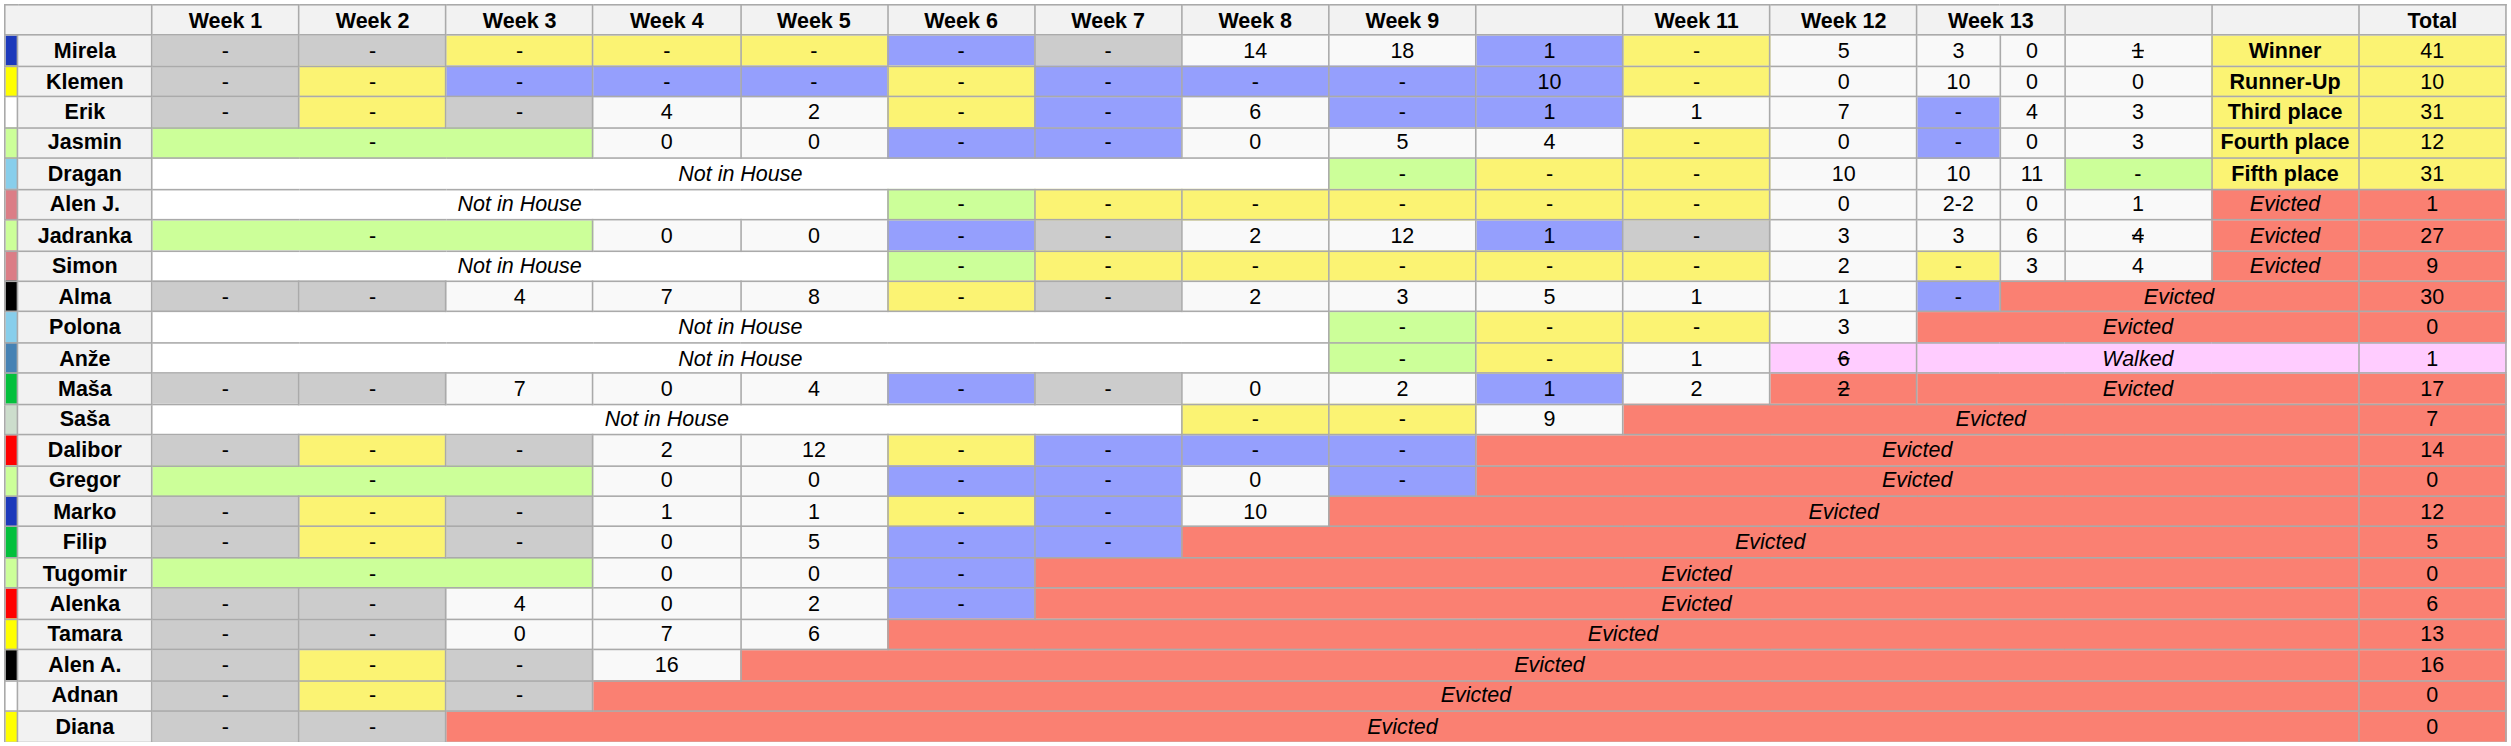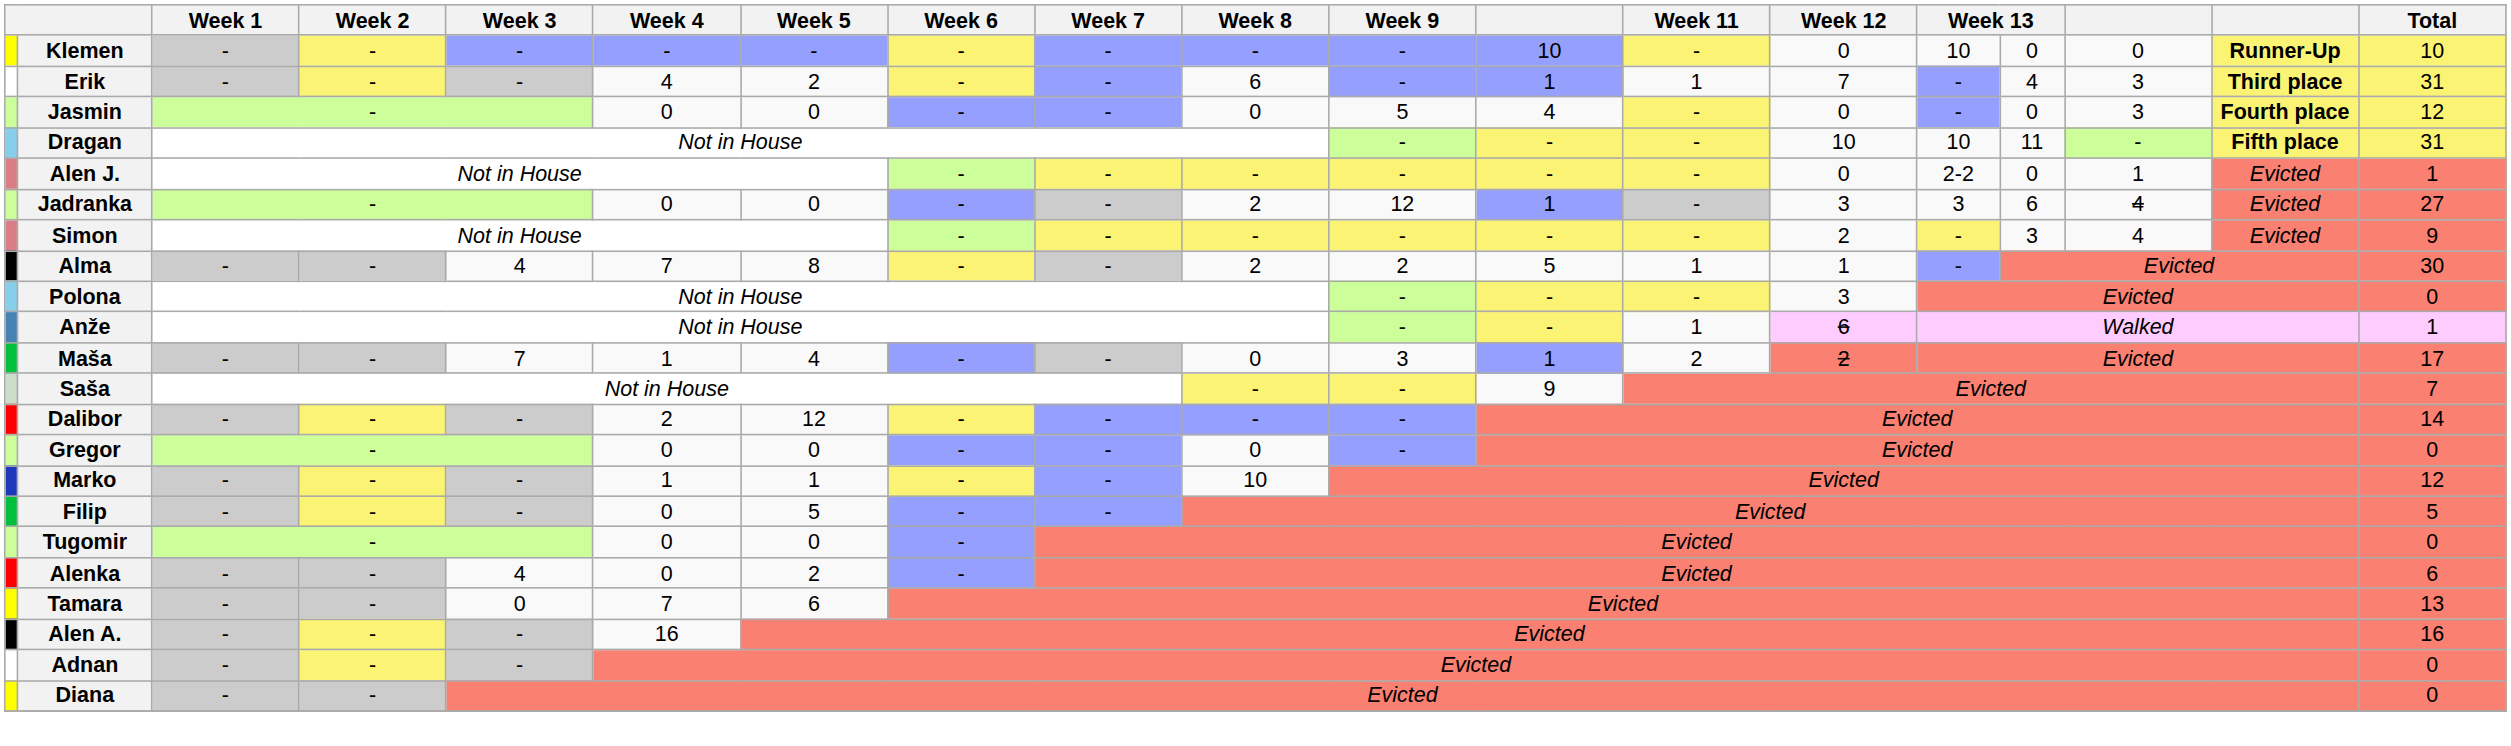 <table class="wikitable" style="text-align:center; font-size:85%; line-height:13px; width:100%">
 <tr>
 <th style="width: 5%;" colspan="2"></th>
 <th style="width: 5%;">Week 1</th>
 <th style="width: 5%;">Week 2</th>
 <th style="width: 5%;">Week 3</th>
 <th style="width: 5%;">Week 4</th>
 <th style="width: 5%;">Week 5</th>
 <th style="width: 5%;">Week 6</th>
 <th style="width: 5%;">Week 7</th>
 <th style="width: 5%;">Week 8</th>
 <th style="width: 5%;">Week 9</th>
 <th style="width: 5%;"></th>
 <th style="width: 5%;">Week 11</th>
 <th style="width: 5%;">Week 12</th>
 <th colspan="2" style="width: 5%;">Week 13</th>
 <th style="width: 5%;"></th>
 <th style="width: 5%;"></th>
 <th style="width: 5%;">Total</th>
-</tr>
-<tr>
-<td style="background:#1C39BB"></td>
-<th>Mirela</th>
-<td style="background:#CCC;">-</td>
-<td style="background:#CCC;">-</td>
-<td style="background:#FBF373;">-</td>
-<td style="background:#FBF373;">-</td>
-<td style="background:#FBF373;">-</td>
-<td style="background:#959ffd;">-</td>
-<td style="background:#CCC;">-</td>
-<td>14</td>
-<td>18</td>
-<td style="background:#959ffd;">1</td>
-<td style="background:#FBF373;">-</td>
-<td>5</td>
-<td>3</td>
-<td>0</td>
-<td><s>1</s></td>
-<td style="background:#FBF373"><strong>Winner</strong></td>
-<td style="background:#FBF373">41</td>
 </tr>
 <tr>
 <td style="background:yellow"></td>
 <th>Klemen</th>
 <td style="background:#CCC;">-</td>
 <td style="background:#FBF373;">-</td>
 <td style="background:#959ffd;">-</td>
 <td style="background:#959ffd;">-</td>
 <td style="background:#959ffd;">-</td>
 <td style="background:#FBF373;">-</td>
 <td style="background:#959ffd;">-</td>
 <td style="background:#959ffd;">-</td>
 <td style="background:#959ffd;">-</td>
 <td style="background:#959ffd;">10</td>
 <td style="background:#FBF373;">-</td>
 <td>0</td>
 <td>10</td>
 <td>0</td>
 <td>0</td>
 <td style="background:#FBF373"><strong>Runner-Up</strong></td>
 <td style="background:#FBF373">10</td>
 </tr>
 <tr>
 <td style="background:white"></td>
 <th>Erik</th>
 <td style="background:#CCC;">-</td>
 <td style="background:#FBF373;">-</td>
 <td style="background:#CCC;">-</td>
 <td>4</td>
 <td>2</td>
 <td style="background:#FBF373;">-</td>
 <td style="background:#959ffd;">-</td>
 <td>6</td>
 <td style="background:#959ffd;">-</td>
 <td style="background:#959ffd;">1</td>
 <td>1</td>
 <td>7</td>
 <td style="background:#959ffd;">-</td>
 <td>4</td>
 <td>3</td>
 <td style="background:#FBF373"><strong>Third place</strong></td>
 <td style="background:#FBF373">31</td>
 </tr>
 <tr>
 <td style="background:#cf9;"></td>
 <th>Jasmin</th>
 <td style="background:#cf9;" colspan="3">-</td>
 <td>0</td>
 <td>0</td>
 <td style="background:#959ffd;">-</td>
 <td style="background:#959ffd;">-</td>
 <td>0</td>
 <td>5</td>
 <td>4</td>
 <td style="background:#FBF373;">-</td>
 <td>0</td>
 <td style="background:#959ffd;">-</td>
 <td>0</td>
 <td>3</td>
 <td style="background:#FBF373"><strong>Fourth place</strong></td>
 <td style="background:#FBF373">12</td>
 </tr>
 <tr>
 <td style="background:#87CEEB"></td>
 <th>Dragan</th>
 <td style="background:white;" colspan="8"><em>Not in House </em></td>
 <td style="background:#cf9;">-</td>
 <td style="background:#FBF373;">-</td>
 <td style="background:#FBF373;">-</td>
 <td>10</td>
 <td>10</td>
 <td>11</td>
 <td style="background:#cf9;">-</td>
 <td style="background:#FBF373"><strong>Fifth place</strong></td>
 <td style="background:#FBF373">31</td>
 </tr>
 <tr>
 <td style="background: #db7d86;"></td>
 <th>Alen J.</th>
 <td style="background:white;" colspan="5"><em>Not in House</em></td>
 <td style="background:#cf9;">-</td>
 <td style="background:#FBF373;">-</td>
 <td style="background:#FBF373;">-</td>
 <td style="background:#FBF373;">-</td>
 <td style="background:#FBF373;">-</td>
 <td style="background:#FBF373;">-</td>
 <td>0</td>
 <td>2-2</td>
 <td>0</td>
 <td>1</td>
 <td style="background:salmon;"><em>Evicted</em></td>
 <td style="background:salmon;">1</td>
 </tr>
 <tr>
 <td style="background:#cf9;"></td>
 <th>Jadranka</th>
 <td style="background:#cf9;" colspan="3">-</td>
 <td>0</td>
 <td>0</td>
 <td style="background:#959ffd;">-</td>
 <td style="background:#CCC;">-</td>
 <td>2</td>
 <td>12</td>
 <td style="background:#959ffd;">1</td>
 <td style="background:#CCC;">-</td>
 <td>3</td>
 <td>3</td>
 <td>6</td>
 <td><s>4</s></td>
 <td style="background:salmon;"><em>Evicted</em></td>
 <td style="background:salmon;">27</td>
 </tr>
 <tr>
 <td style="background: #db7d86;"></td>
 <th>Simon</th>
 <td style="background:white;" colspan="5"><em>Not in House</em></td>
 <td style="background:#cf9;">-</td>
 <td style="background:#FBF373;">-</td>
 <td style="background:#FBF373;">-</td>
 <td style="background:#FBF373;">-</td>
 <td style="background:#FBF373;">-</td>
 <td style="background:#FBF373;">-</td>
 <td>2</td>
 <td style="background:#FBF373;">-</td>
 <td>3</td>
 <td>4</td>
 <td style="background:salmon;"><em>Evicted</em></td>
 <td style="background:salmon;">9</td>
 </tr>
 <tr>
 <td style="background:black"></td>
 <th>Alma</th>
 <td style="background:#CCC;">-</td>
 <td style="background:#CCC;">-</td>
 <td>4</td>
 <td>7</td>
 <td>8</td>
 <td style="background:#FBF373;">-</td>
 <td style="background:#CCC;">-</td>
 <td>2</td>
-<td>3</td>
+<td>2</td>
 <td>5</td>
 <td>1</td>
 <td>1</td>
 <td style="background:#959ffd;">-</td>
 <td colspan="3" style="background:salmon;"><em>Evicted</em></td>
 <td style="background:salmon;">30</td>
 </tr>
 <tr>
 <td style="background:#87CEEB"></td>
 <th>Polona</th>
 <td style="background:white;" colspan="8"><em>Not in House </em></td>
 <td style="background:#cf9;">-</td>
 <td style="background:#FBF373;">-</td>
 <td style="background:#FBF373;">-</td>
 <td>3</td>
 <td colspan="4" style="background:salmon;"><em>Evicted</em></td>
 <td style="background:salmon;">0</td>
 </tr>
 <tr>
 <td style="background:#4682B4"></td>
 <th>Anže</th>
 <td style="background:white;" colspan="8"><em>Not in House</em></td>
 <td style="background:#cf9;">-</td>
 <td style="background:#FBF373;">-</td>
 <td>1</td>
 <td style="background:#fcf"><s>6</s></td>
 <td colspan="4" style="background:#fcf"><em>Walked</em></td>
 <td style="background:#fcf">1</td>
 </tr>
 <tr>
 <td style="background:#03C03C"></td>
 <th>Maša</th>
 <td style="background:#CCC;">-</td>
 <td style="background:#CCC;">-</td>
 <td>7</td>
-<td>0</td>
+<td>1</td>
 <td>4</td>
 <td style="background:#959ffd;">-</td>
 <td style="background:#CCC;">-</td>
 <td>0</td>
-<td>2</td>
+<td>3</td>
 <td style="background:#959ffd;">1</td>
 <td>2</td>
 <td style="background:salmon;"><s>2</s></td>
 <td colspan="4" style="background:salmon;"><em>Evicted</em></td>
 <td style="background:salmon;">17</td>
 </tr>
 <tr>
 <td style="background:#CDC"></td>
 <th>Saša</th>
 <td style="background:white;" colspan="7"><em>Not in House</em></td>
 <td style="background:#FBF373;">-</td>
 <td style="background:#FBF373;">-</td>
 <td>9</td>
 <td colspan="6" style="background:salmon;"><em>Evicted</em></td>
 <td style="background:salmon;">7</td>
 </tr>
 <tr>
 <td style="background:red"></td>
 <th>Dalibor</th>
 <td style="background:#CCC;">-</td>
 <td style="background:#FBF373;">-</td>
 <td style="background:#CCC;">-</td>
 <td>2</td>
 <td>12</td>
 <td style="background:#FBF373;">-</td>
 <td style="background:#959ffd;">-</td>
 <td style="background:#959ffd;">-</td>
 <td style="background:#959ffd;">-</td>
 <td colspan="7" style="background:salmon;"><em>Evicted</em></td>
 <td style="background:salmon;">14</td>
 </tr>
 <tr>
 <td style="background:#cf9;"></td>
 <th>Gregor</th>
 <td style="background:#cf9;" colspan="3">-</td>
 <td>0</td>
 <td>0</td>
 <td style="background:#959ffd;">-</td>
 <td style="background:#959ffd;">-</td>
 <td>0</td>
 <td style="background:#959ffd;">-</td>
 <td colspan="7" style="background:salmon;"><em>Evicted</em></td>
 <td style="background:salmon;">0</td>
 </tr>
 <tr>
 <td style="background:#1C39BB"></td>
 <th>Marko</th>
 <td style="background:#CCC;">-</td>
 <td style="background:#FBF373;">-</td>
 <td style="background:#CCC;">-</td>
 <td>1</td>
 <td>1</td>
 <td style="background:#FBF373;">-</td>
 <td style="background:#959ffd;">-</td>
 <td>10</td>
 <td colspan="8" style="background:salmon;"><em>Evicted</em></td>
 <td style="background:salmon;">12</td>
 </tr>
 <tr>
 <td style="background:#03C03C"></td>
 <th>Filip</th>
 <td style="background:#CCC;">-</td>
 <td style="background:#FBF373;">-</td>
 <td style="background:#CCC;">-</td>
 <td>0</td>
 <td>5</td>
 <td style="background:#959ffd;">-</td>
 <td style="background:#959ffd;">-</td>
 <td colspan="9" style="background:salmon;"><em>Evicted</em></td>
 <td style="background:salmon;">5</td>
 </tr>
 <tr>
 <td style="background:#cf9;"></td>
 <th>Tugomir</th>
 <td style="background:#cf9;" colspan="3">-</td>
 <td>0</td>
 <td>0</td>
 <td style="background:#959ffd;">-</td>
 <td colspan="10" style="background:salmon;"><em>Evicted</em></td>
 <td style="background:salmon;">0</td>
 </tr>
 <tr>
 <td style="background:red"></td>
 <th>Alenka</th>
 <td style="background:#CCC;">-</td>
 <td style="background:#CCC;">-</td>
 <td>4</td>
 <td>0</td>
 <td>2</td>
 <td style="background:#959ffd;">-</td>
 <td colspan="10" style="background:salmon;"><em>Evicted</em></td>
 <td style="background:salmon;">6</td>
 </tr>
 <tr>
 <td style="background:yellow"></td>
 <th>Tamara</th>
 <td style="background:#CCC;">-</td>
 <td style="background:#CCC;">-</td>
 <td>0</td>
 <td>7</td>
 <td>6</td>
 <td colspan="11" style="background:salmon;"><em>Evicted</em></td>
 <td style="background:salmon;">13</td>
 </tr>
 <tr>
 <td style="background:black"></td>
 <th>Alen A.</th>
 <td style="background:#CCC;">-</td>
 <td style="background:#FBF373;">-</td>
 <td style="background:#CCC;">-</td>
 <td>16</td>
 <td colspan="12" style="background:salmon;"><em>Evicted</em></td>
 <td style="background:salmon;">16</td>
 </tr>
 <tr>
 <td style="background:white"></td>
 <th>Adnan</th>
 <td style="background:#CCC;">-</td>
 <td style="background:#FBF373;">-</td>
 <td style="background:#CCC;">-</td>
 <td colspan="13" style="background:salmon;"><em>Evicted</em></td>
 <td style="background:salmon;">0</td>
 </tr>
 <tr>
 <td style="background:yellow"></td>
 <th>Diana</th>
 <td style="background:#CCC;">-</td>
 <td style="background:#CCC;">-</td>
 <td colspan="14" style="background:salmon;"><em>Evicted</em></td>
 <td style="background:salmon;">0</td>
 </tr>
 <tr>
 </tr>
 </table>
